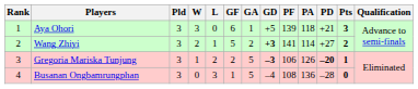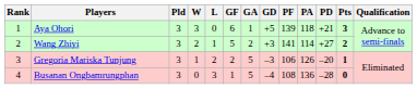 <table class="wikitable" style="font-size:90%; text-align:center">
 <tr>
 <th width="20">Rank</th>
 <th width="200">Players</th>
 <th width="20">Pld</th>
 <th width="20">W</th>
 <th width="20">L</th>
 <th width="20">GF</th>
 <th width="20">GA</th>
 <th width="20">GD</th>
 <th width="20">PF</th>
 <th width="20">PA</th>
 <th width="20">PD</th>
 <th width="20">Pts</th>
 <th width="20">Qualification</th>
 </tr>
 <tr style="background:#ccffcc">
 <td>1</td>
 <td style="text-align:left"> <a href='#'>Aya Ohori</a></td>
 <td>3</td>
 <td>3</td>
 <td>0</td>
 <td>6</td>
 <td>1</td>
 <td>+5</td>
 <td>139</td>
 <td>118</td>
 <td>+21</td>
 <td><strong>3</strong></td>
 <td rowspan="2">Advance to <a href='#'>semi-finals</a></td>
 </tr>
 <tr style="background:#ccffcc">
 <td>2</td>
 <td style="text-align:left"> <a href='#'>Wang Zhiyi</a></td>
 <td>3</td>
 <td>2</td>
 <td>1</td>
 <td>5</td>
 <td>2</td>
-<td><strong>+3</strong></td>
+<td>+3</td>
 <td>141</td>
 <td>114</td>
 <td>+27</td>
 <td><strong>2</strong></td>
 </tr>
 <tr style="background:#ffcccc">
 <td>3</td>
 <td style="text-align:left"> <a href='#'>Gregoria Mariska Tunjung</a></td>
 <td>3</td>
 <td>1</td>
 <td>2</td>
 <td>2</td>
 <td>5</td>
-<td><strong>–3</strong></td>
+<td>–3</td>
 <td>106</td>
 <td>126</td>
-<td><strong>–20</strong></td>
+<td>–20</td>
 <td><strong>1</strong></td>
 <td rowspan="2">Eliminated</td>
 </tr>
 <tr style="background:#ffcccc">
 <td>4</td>
 <td style="text-align:left"> <a href='#'>Busanan Ongbamrungphan</a></td>
 <td>3</td>
 <td>0</td>
 <td>3</td>
 <td>1</td>
 <td>5</td>
 <td>–4</td>
 <td>108</td>
 <td>136</td>
 <td>–28</td>
 <td><strong>0</strong></td>
 </tr>
 </table>
